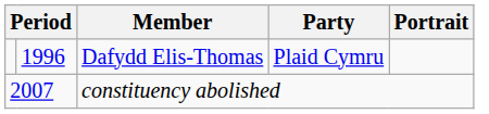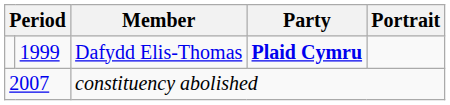 <table class="wikitable">
 <tr>
 <th colspan=2>Period</th>
 <th>Member</th>
 <th>Party</th>
 <th>Portrait</th>
 </tr>
 <tr>
 <td style="background-color: "></td>
-<td><a href='#'>1996</a></td>
+<td><a href='#'>1999</a></td>
 <td><a href='#'>Dafydd Elis-Thomas</a></td>
-<td><a href='#'>Plaid Cymru</a></td>
+<td><strong><a href='#'>Plaid Cymru</a></strong></td>
 <td rowspan=1></td>
 </tr>
 <tr>
 <td colspan="2"><a href='#'>2007</a></td>
 <td colspan="3"><em>constituency abolished</em></td>
 </tr>
 </table>
